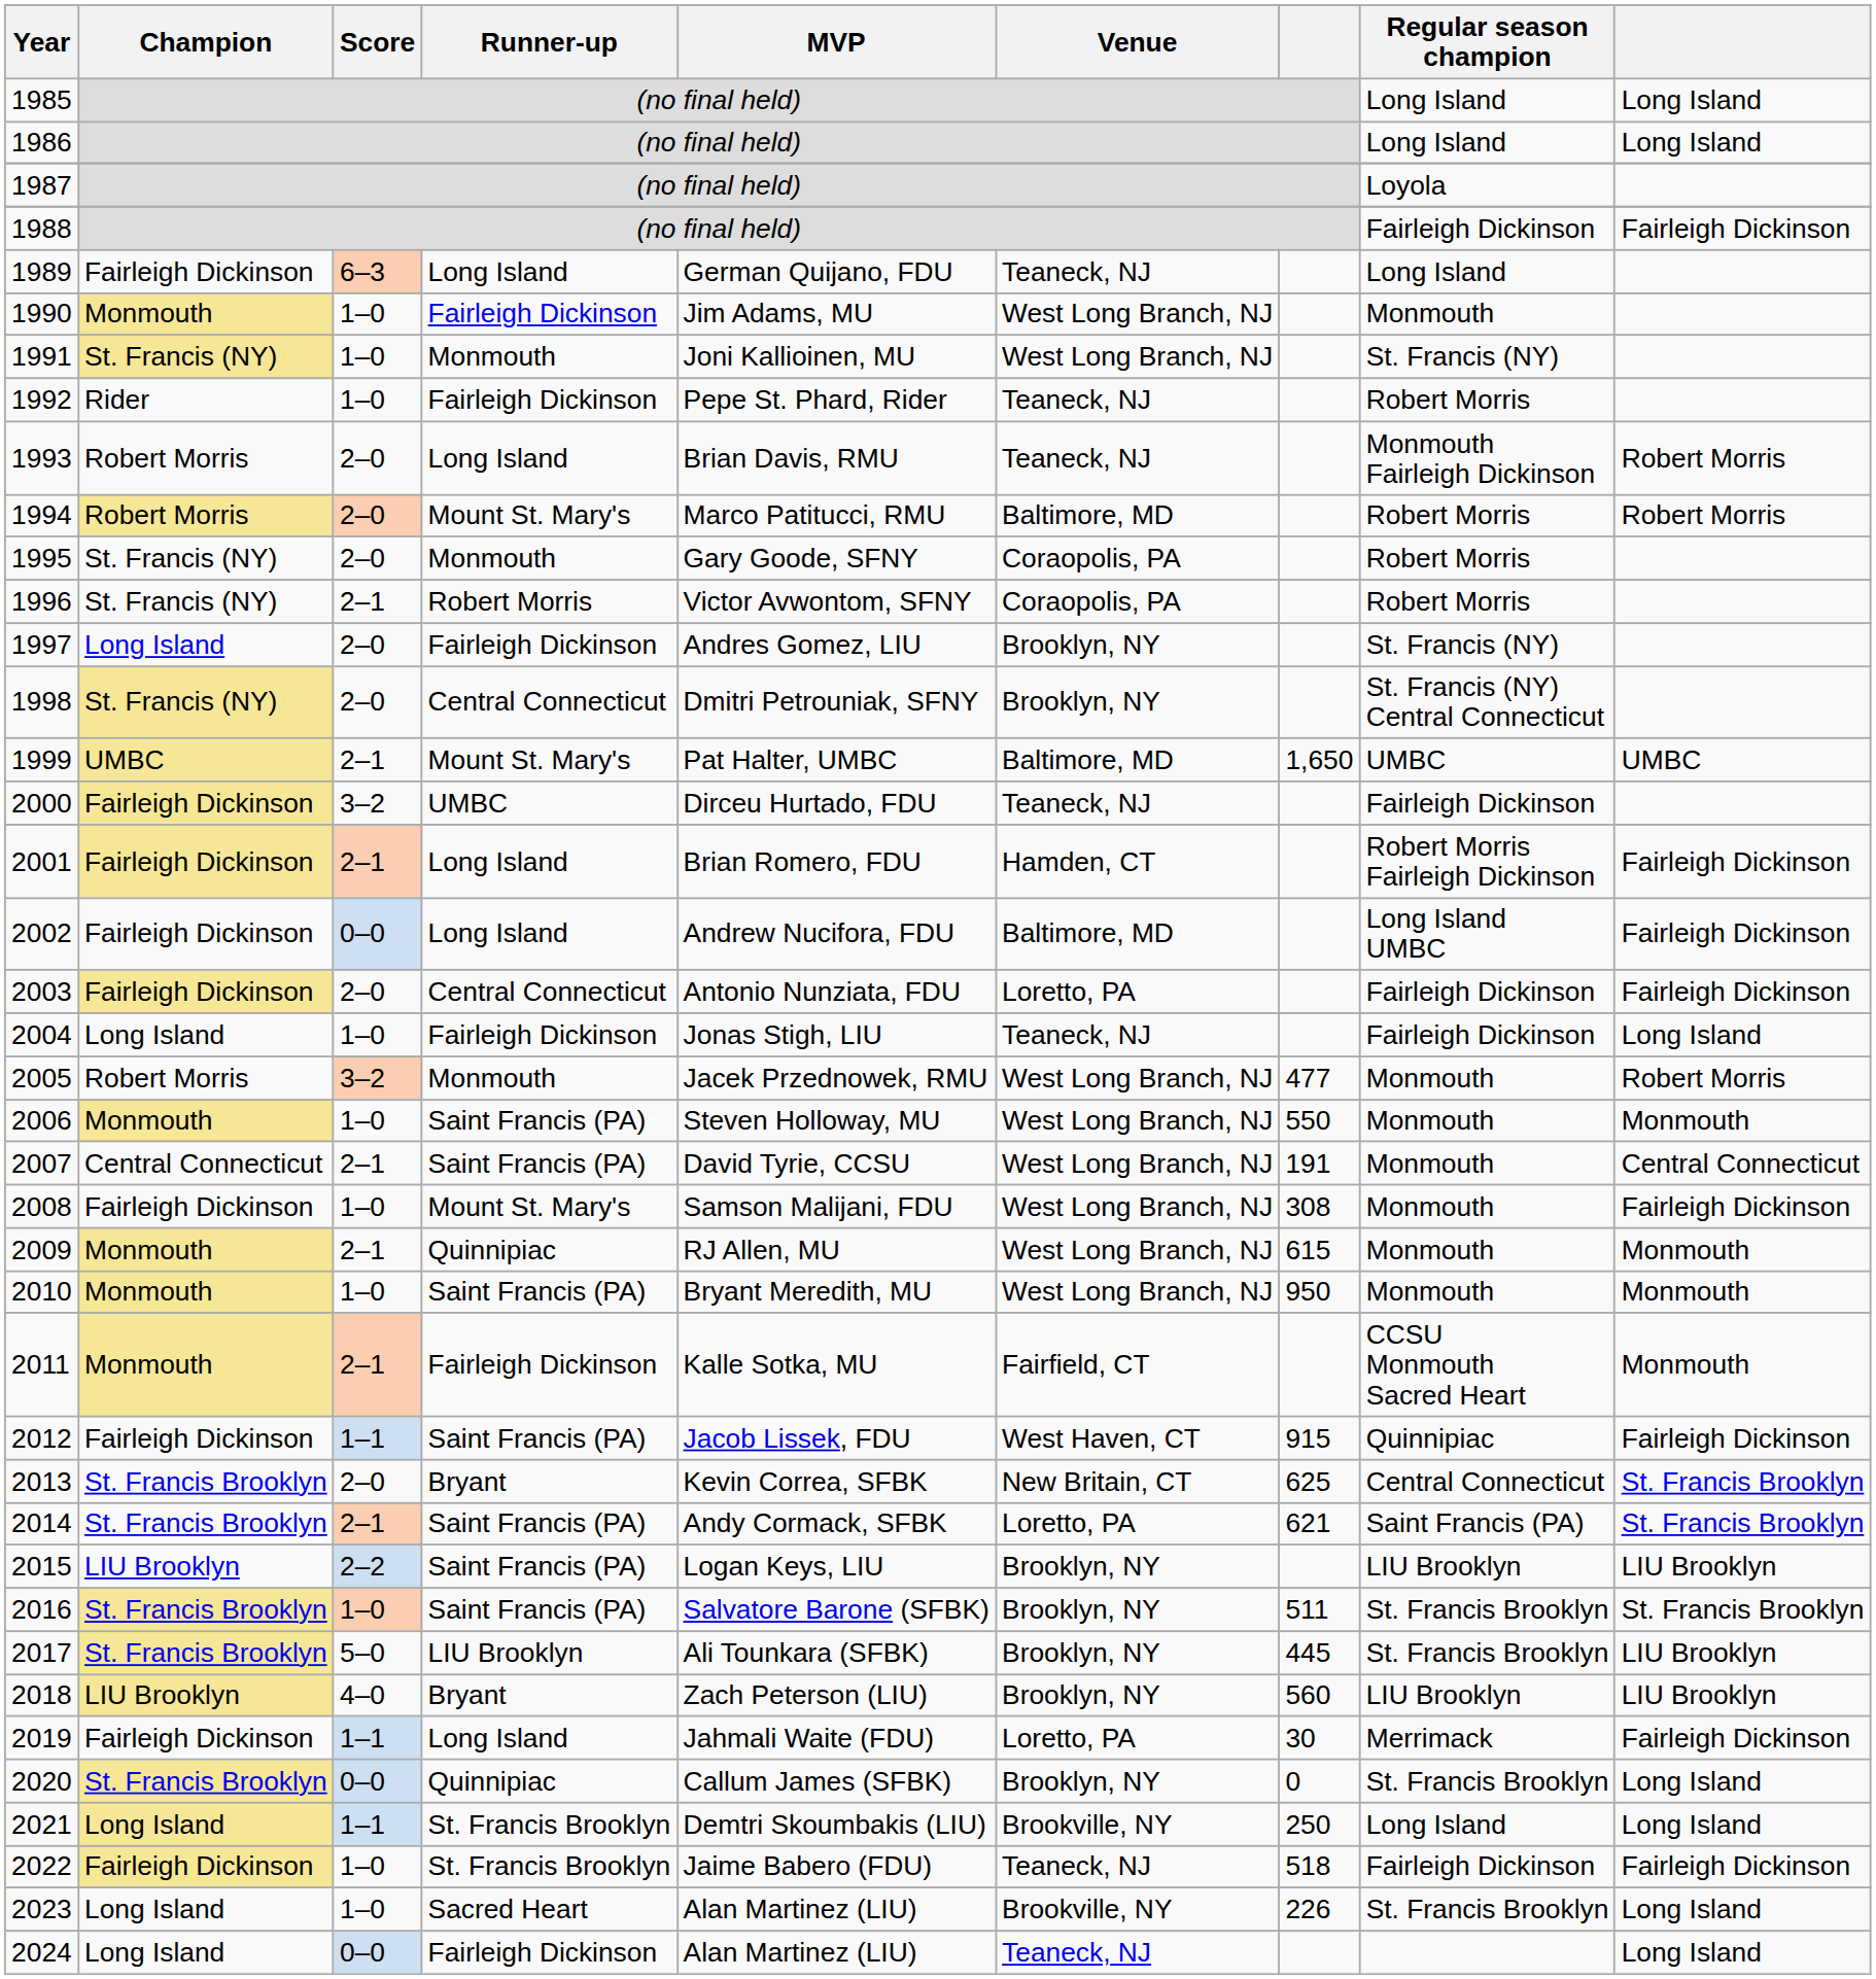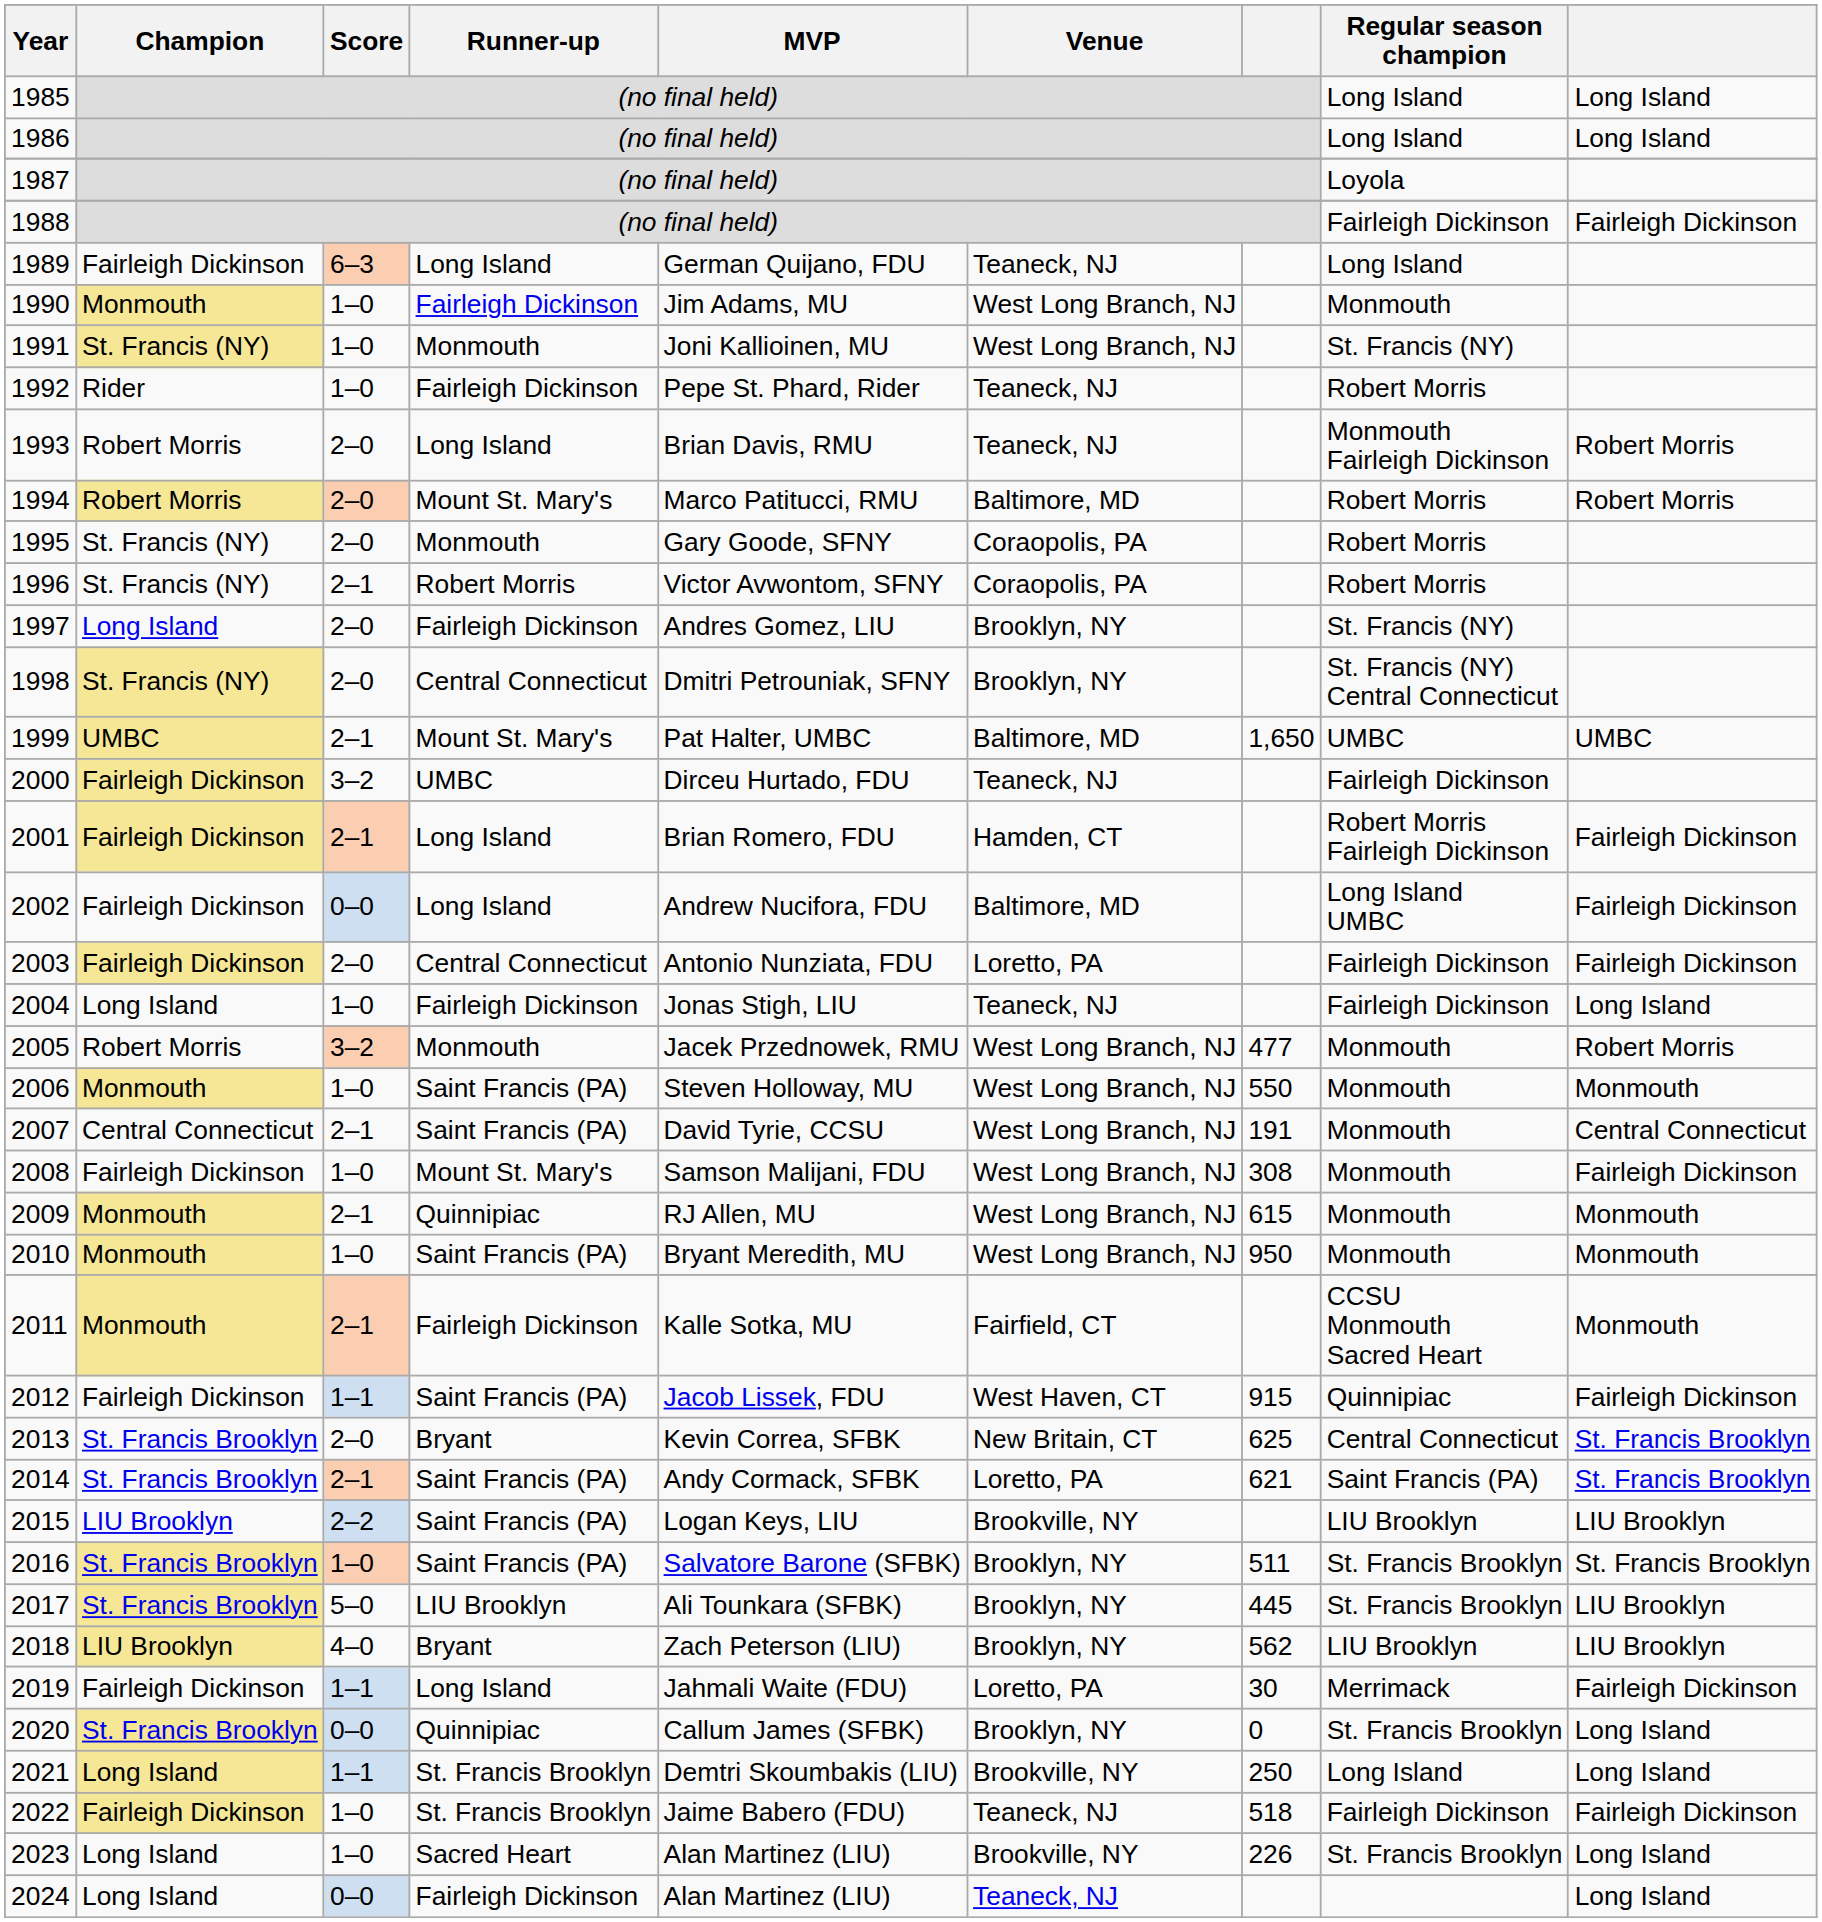 <table class="wikitable" style="font-size: 90%;">
 <tr>
 <th width=px>Year</th>
 <th width=px>Champion</th>
 <th width=px>Score</th>
 <th width=px>Runner-up</th>
 <th width=px>MVP</th>
 <th width=px>Venue</th>
 <th width=px></th>
 <th width=px>Regular season<br> champion</th>
 <th width=px></th>
 </tr>
 <tr>
 <td>1985</td>
 <td colspan=6 style= "text-align:center; background-color:#dddddd"><em>(no final held)</em> </td>
 <td>Long Island</td>
 <td>Long Island</td>
 </tr>
 <tr>
 <td>1986</td>
 <td colspan=6 style= "text-align:center; background-color:#dddddd"><em>(no final held)</em> </td>
 <td>Long Island</td>
 <td>Long Island</td>
 </tr>
 <tr>
 </tr>
 <tr>
 <td>1987</td>
 <td colspan=6 style= "text-align:center; background-color:#dddddd"><em>(no final held)</em> </td>
 <td>Loyola</td>
 <td></td>
 </tr>
 <tr>
 </tr>
 <tr>
 <td>1988</td>
 <td colspan=6 style= "text-align:center; background-color:#dddddd"><em>(no final held)</em> </td>
 <td>Fairleigh Dickinson</td>
 <td>Fairleigh Dickinson</td>
 </tr>
 <tr>
 <td>1989</td>
 <td>Fairleigh Dickinson</td>
 <td bgcolor=#FBCEB1>6–3 </td>
 <td>Long Island</td>
 <td>German Quijano, FDU</td>
 <td>Teaneck, NJ</td>
 <td></td>
 <td>Long Island</td>
 <td></td>
 </tr>
 <tr>
 <td>1990</td>
 <td bgcolor= #F6E797>Monmouth</td>
 <td>1–0</td>
 <td><a href='#'>Fairleigh Dickinson</a></td>
 <td>Jim Adams, MU</td>
 <td>West Long Branch, NJ</td>
 <td></td>
 <td>Monmouth</td>
 <td></td>
 </tr>
 <tr>
 <td>1991</td>
 <td bgcolor= #F6E797>St. Francis (NY)</td>
 <td>1–0</td>
 <td>Monmouth</td>
 <td>Joni Kallioinen, MU</td>
 <td>West Long Branch, NJ</td>
 <td></td>
 <td>St. Francis (NY)</td>
 <td></td>
 </tr>
 <tr>
 <td>1992</td>
 <td>Rider</td>
 <td>1–0</td>
 <td>Fairleigh Dickinson</td>
 <td>Pepe St. Phard, Rider</td>
 <td>Teaneck, NJ</td>
 <td></td>
 <td>Robert Morris</td>
 <td></td>
 </tr>
 <tr>
 <td>1993</td>
 <td>Robert Morris</td>
 <td>2–0</td>
 <td>Long Island</td>
 <td>Brian Davis, RMU</td>
 <td>Teaneck, NJ</td>
 <td></td>
 <td>Monmouth<br>Fairleigh Dickinson</td>
 <td>Robert Morris</td>
 </tr>
 <tr>
 <td>1994</td>
 <td bgcolor= #F6E797>Robert Morris</td>
 <td bgcolor=#FBCEB1>2–0 </td>
 <td>Mount St. Mary's</td>
 <td>Marco Patitucci, RMU</td>
 <td>Baltimore, MD</td>
 <td></td>
 <td>Robert Morris</td>
 <td>Robert Morris</td>
 </tr>
 <tr>
 <td>1995</td>
 <td>St. Francis (NY)</td>
 <td>2–0</td>
 <td>Monmouth</td>
 <td>Gary Goode, SFNY</td>
 <td>Coraopolis, PA</td>
 <td></td>
 <td>Robert Morris</td>
 <td></td>
 </tr>
 <tr>
 <td>1996</td>
 <td>St. Francis (NY)</td>
 <td>2–1</td>
 <td>Robert Morris</td>
 <td>Victor Avwontom, SFNY</td>
 <td>Coraopolis, PA</td>
 <td></td>
 <td>Robert Morris</td>
 <td></td>
 </tr>
 <tr>
 <td>1997</td>
 <td><a href='#'>Long Island</a> </td>
 <td>2–0</td>
 <td>Fairleigh Dickinson</td>
 <td>Andres Gomez, LIU</td>
 <td>Brooklyn, NY</td>
 <td></td>
 <td>St. Francis (NY)</td>
 <td></td>
 </tr>
 <tr>
 <td>1998</td>
 <td bgcolor= #F6E797>St. Francis (NY)</td>
 <td>2–0</td>
 <td>Central Connecticut</td>
 <td>Dmitri Petrouniak, SFNY</td>
 <td>Brooklyn, NY</td>
 <td></td>
 <td>St. Francis (NY)<br>Central Connecticut</td>
 <td></td>
 </tr>
 <tr>
 <td>1999</td>
 <td bgcolor= #F6E797>UMBC</td>
 <td>2–1</td>
 <td>Mount St. Mary's</td>
 <td>Pat Halter, UMBC</td>
 <td>Baltimore, MD</td>
 <td>1,650</td>
 <td>UMBC</td>
 <td>UMBC</td>
 </tr>
 <tr>
 <td>2000</td>
 <td bgcolor= #F6E797>Fairleigh Dickinson</td>
 <td>3–2</td>
 <td>UMBC</td>
 <td>Dirceu Hurtado, FDU</td>
 <td>Teaneck, NJ</td>
 <td></td>
 <td>Fairleigh Dickinson</td>
 <td></td>
 </tr>
 <tr>
 <td>2001</td>
 <td bgcolor= #F6E797>Fairleigh Dickinson</td>
 <td bgcolor=#FBCEB1>2–1 </td>
 <td>Long Island</td>
 <td>Brian Romero, FDU</td>
 <td>Hamden, CT</td>
 <td></td>
 <td>Robert Morris <br>Fairleigh Dickinson</td>
 <td>Fairleigh Dickinson</td>
 </tr>
 <tr>
 <td>2002</td>
 <td>Fairleigh Dickinson</td>
 <td bgcolor=#cedff2>0–0 </td>
 <td>Long Island</td>
 <td>Andrew Nucifora, FDU</td>
 <td>Baltimore, MD</td>
 <td></td>
 <td>Long Island <br> UMBC</td>
 <td>Fairleigh Dickinson</td>
 </tr>
 <tr>
 <td>2003</td>
 <td bgcolor= #F6E797>Fairleigh Dickinson</td>
 <td>2–0</td>
 <td>Central Connecticut</td>
 <td>Antonio Nunziata, FDU</td>
 <td>Loretto, PA</td>
 <td></td>
 <td>Fairleigh Dickinson</td>
 <td>Fairleigh Dickinson</td>
 </tr>
 <tr>
 <td>2004</td>
 <td>Long Island </td>
 <td>1–0</td>
 <td>Fairleigh Dickinson</td>
 <td>Jonas Stigh, LIU</td>
 <td>Teaneck, NJ</td>
 <td></td>
 <td>Fairleigh Dickinson</td>
 <td>Long Island</td>
 </tr>
 <tr>
 <td>2005</td>
 <td>Robert Morris</td>
 <td bgcolor=#FBCEB1>3–2 </td>
 <td>Monmouth</td>
 <td>Jacek Przednowek, RMU</td>
 <td>West Long Branch, NJ</td>
 <td>477</td>
 <td>Monmouth</td>
 <td>Robert Morris</td>
 </tr>
 <tr>
 <td>2006</td>
 <td bgcolor= #F6E797>Monmouth</td>
 <td>1–0</td>
 <td>Saint Francis (PA)</td>
 <td>Steven Holloway, MU</td>
 <td>West Long Branch, NJ</td>
 <td>550</td>
 <td>Monmouth</td>
 <td>Monmouth</td>
 </tr>
 <tr>
 <td>2007</td>
 <td>Central Connecticut</td>
 <td>2–1</td>
 <td>Saint Francis (PA)</td>
 <td>David Tyrie, CCSU</td>
 <td>West Long Branch, NJ</td>
 <td>191</td>
 <td>Monmouth</td>
 <td>Central Connecticut</td>
 </tr>
 <tr>
 <td>2008</td>
 <td>Fairleigh Dickinson</td>
 <td>1–0</td>
 <td>Mount St. Mary's</td>
 <td>Samson Malijani, FDU</td>
 <td>West Long Branch, NJ</td>
 <td>308</td>
 <td>Monmouth</td>
 <td>Fairleigh Dickinson</td>
 </tr>
 <tr>
 <td>2009</td>
 <td bgcolor= #F6E797>Monmouth</td>
 <td>2–1</td>
 <td>Quinnipiac</td>
 <td>RJ Allen, MU</td>
 <td>West Long Branch, NJ</td>
 <td>615</td>
 <td>Monmouth</td>
 <td>Monmouth</td>
 </tr>
 <tr>
 <td>2010</td>
 <td bgcolor= #F6E797>Monmouth</td>
 <td>1–0</td>
 <td>Saint Francis (PA)</td>
 <td>Bryant Meredith, MU</td>
 <td>West Long Branch, NJ</td>
 <td>950</td>
 <td>Monmouth</td>
 <td>Monmouth</td>
 </tr>
 <tr>
 <td>2011</td>
 <td bgcolor= #F6E797>Monmouth</td>
 <td bgcolor=#FBCEB1>2–1 </td>
 <td>Fairleigh Dickinson</td>
 <td>Kalle Sotka, MU</td>
 <td>Fairfield, CT</td>
 <td></td>
 <td>CCSU<br>Monmouth <br> Sacred Heart</td>
 <td>Monmouth</td>
 </tr>
 <tr>
 <td>2012</td>
 <td>Fairleigh Dickinson</td>
 <td bgcolor=#cedff2>1–1 </td>
 <td>Saint Francis (PA)</td>
 <td><a href='#'>Jacob Lissek</a>, FDU</td>
 <td>West Haven, CT</td>
 <td>915</td>
 <td>Quinnipiac</td>
 <td>Fairleigh Dickinson</td>
 </tr>
 <tr>
 <td>2013</td>
 <td><a href='#'>St. Francis Brooklyn</a></td>
 <td>2–0</td>
 <td>Bryant</td>
 <td>Kevin Correa, SFBK</td>
 <td>New Britain, CT</td>
 <td>625</td>
 <td>Central Connecticut</td>
 <td><a href='#'>St. Francis Brooklyn</a></td>
 </tr>
 <tr>
 <td>2014</td>
 <td><a href='#'>St. Francis Brooklyn</a></td>
 <td bgcolor=#FBCEB1>2–1 </td>
 <td>Saint Francis (PA)</td>
 <td>Andy Cormack, SFBK</td>
 <td>Loretto, PA</td>
 <td>621</td>
 <td>Saint Francis (PA)</td>
 <td><a href='#'>St. Francis Brooklyn</a></td>
 </tr>
 <tr>
 <td>2015</td>
 <td><a href='#'>LIU Brooklyn</a> </td>
 <td bgcolor=#cedff2>2–2 </td>
 <td>Saint Francis (PA)</td>
 <td>Logan Keys, LIU</td>
-<td>Brooklyn, NY</td>
+<td>Brookville, NY</td>
 <td></td>
 <td>LIU Brooklyn</td>
 <td>LIU Brooklyn</td>
 </tr>
 <tr>
 <td>2016</td>
 <td bgcolor= #F6E797><a href='#'>St. Francis Brooklyn</a></td>
 <td bgcolor=#FBCEB1>1–0 </td>
 <td>Saint Francis (PA)</td>
 <td><a href='#'>Salvatore Barone</a> (SFBK)</td>
 <td>Brooklyn, NY</td>
 <td>511</td>
 <td>St. Francis Brooklyn</td>
 <td>St. Francis Brooklyn</td>
 </tr>
 <tr>
 <td>2017</td>
 <td bgcolor= #F6E797><a href='#'>St. Francis Brooklyn</a></td>
 <td>5–0</td>
 <td>LIU Brooklyn</td>
 <td>Ali Tounkara (SFBK)</td>
 <td>Brooklyn, NY</td>
 <td>445</td>
 <td>St. Francis Brooklyn</td>
 <td>LIU Brooklyn</td>
 </tr>
 <tr>
 <td>2018</td>
 <td bgcolor= #F6E797>LIU Brooklyn </td>
 <td>4–0</td>
 <td>Bryant</td>
 <td>Zach Peterson (LIU)</td>
 <td>Brooklyn, NY</td>
-<td>560</td>
+<td>562</td>
 <td>LIU Brooklyn</td>
 <td>LIU Brooklyn</td>
 </tr>
 <tr>
 <td>2019</td>
 <td>Fairleigh Dickinson</td>
 <td bgcolor=#cedff2>1–1 </td>
 <td>Long Island</td>
 <td>Jahmali Waite (FDU)</td>
 <td>Loretto, PA</td>
 <td>30</td>
 <td>Merrimack</td>
 <td>Fairleigh Dickinson</td>
 </tr>
 <tr>
 <td>2020</td>
 <td bgcolor= #F6E797><a href='#'>St. Francis Brooklyn</a></td>
 <td bgcolor=#cedff2>0–0 </td>
 <td>Quinnipiac</td>
 <td>Callum James (SFBK)</td>
 <td>Brooklyn, NY</td>
 <td>0 </td>
 <td>St. Francis Brooklyn</td>
 <td>Long Island</td>
 </tr>
 <tr>
 <td>2021</td>
 <td bgcolor= #F6E797>Long Island </td>
 <td bgcolor=#cedff2>1–1 </td>
 <td>St. Francis Brooklyn</td>
 <td>Demtri Skoumbakis (LIU)</td>
 <td>Brookville, NY</td>
 <td>250</td>
 <td>Long Island</td>
 <td>Long Island</td>
 </tr>
 <tr>
 <td>2022</td>
 <td bgcolor= #F6E797>Fairleigh Dickinson</td>
 <td>1–0</td>
 <td>St. Francis Brooklyn</td>
 <td>Jaime Babero (FDU)</td>
 <td>Teaneck, NJ</td>
 <td>518</td>
 <td>Fairleigh Dickinson</td>
 <td>Fairleigh Dickinson</td>
 </tr>
 <tr>
 <td>2023</td>
 <td>Long Island </td>
 <td>1–0</td>
 <td>Sacred Heart</td>
 <td>Alan Martinez (LIU)</td>
 <td>Brookville, NY</td>
 <td>226</td>
 <td>St. Francis Brooklyn</td>
 <td>Long Island</td>
 </tr>
 <tr>
 <td>2024</td>
 <td>Long Island </td>
 <td bgcolor=#cedff2>0–0 </td>
 <td>Fairleigh Dickinson</td>
 <td>Alan Martinez (LIU)</td>
 <td><a href='#'>Teaneck, NJ</a></td>
 <td></td>
 <td></td>
 <td>Long Island</td>
 </tr>
 </table>
